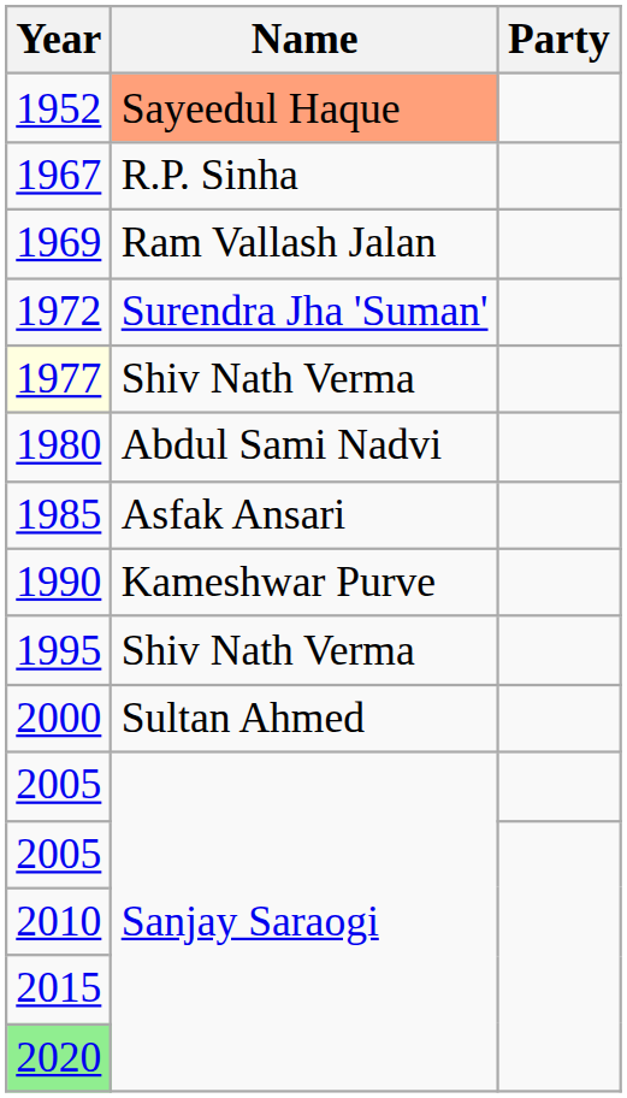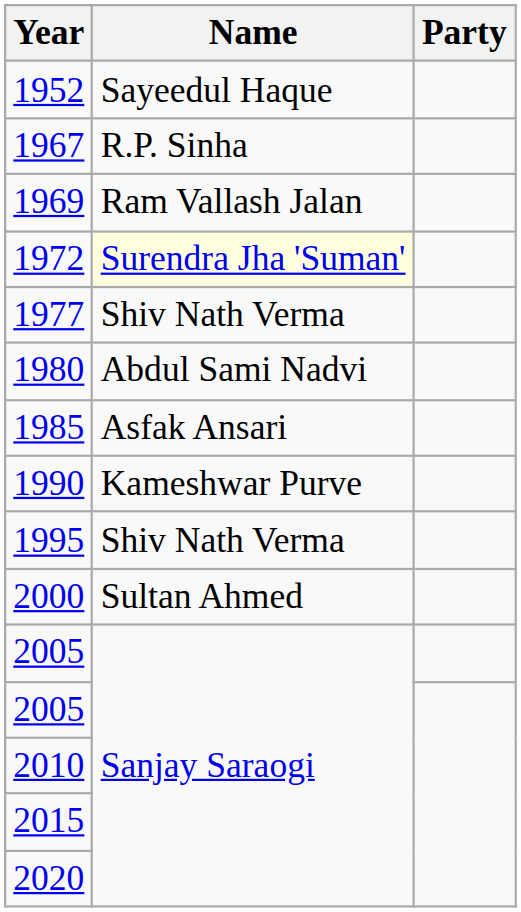 <table class="wikitable sortable">
 <tr>
 <th>Year</th>
 <th>Name</th>
 <th colspan="2">Party</th>
 </tr>
 <tr>
 <td><a href='#'>1952</a></td>
-<td style="background: lightsalmon;">Sayeedul Haque</td>
+<td>Sayeedul Haque</td>
 <td></td>
 </tr>
 <tr>
 <td><a href='#'>1967</a></td>
 <td>R.P. Sinha</td>
 </tr>
 <tr>
 <td><a href='#'>1969</a></td>
 <td>Ram Vallash Jalan</td>
 <td></td>
 </tr>
 <tr>
 <td><a href='#'>1972</a></td>
-<td><a href='#'>Surendra Jha 'Suman'</a></td>
+<td style="background: lightyellow;"><a href='#'>Surendra Jha 'Suman'</a></td>
 <td></td>
 </tr>
 <tr>
-<td style="background: lightyellow;"><a href='#'>1977</a></td>
+<td><a href='#'>1977</a></td>
 <td>Shiv Nath Verma</td>
 <td></td>
 </tr>
 <tr>
 <td><a href='#'>1980</a></td>
 <td>Abdul Sami Nadvi</td>
 <td></td>
 </tr>
 <tr>
 <td><a href='#'>1985</a></td>
 <td>Asfak Ansari</td>
 </tr>
 <tr>
 <td><a href='#'>1990</a></td>
 <td>Kameshwar Purve</td>
 <td></td>
 </tr>
 <tr>
 <td><a href='#'>1995</a></td>
 <td>Shiv Nath Verma</td>
 <td></td>
 </tr>
 <tr>
 <td><a href='#'>2000</a></td>
 <td>Sultan Ahmed</td>
 <td></td>
 </tr>
 <tr>
 <td><a href='#'>2005</a></td>
 <td rowspan="5"><a href='#'>Sanjay Saraogi</a></td>
 <td></td>
 </tr>
 <tr>
 <td><a href='#'>2005</a></td>
 </tr>
 <tr>
 <td><a href='#'>2010</a></td>
 </tr>
 <tr>
 <td><a href='#'>2015</a></td>
 </tr>
 <tr>
-<td style="background: lightgreen;"><a href='#'>2020</a></td>
+<td><a href='#'>2020</a></td>
 </tr>
 </table>
